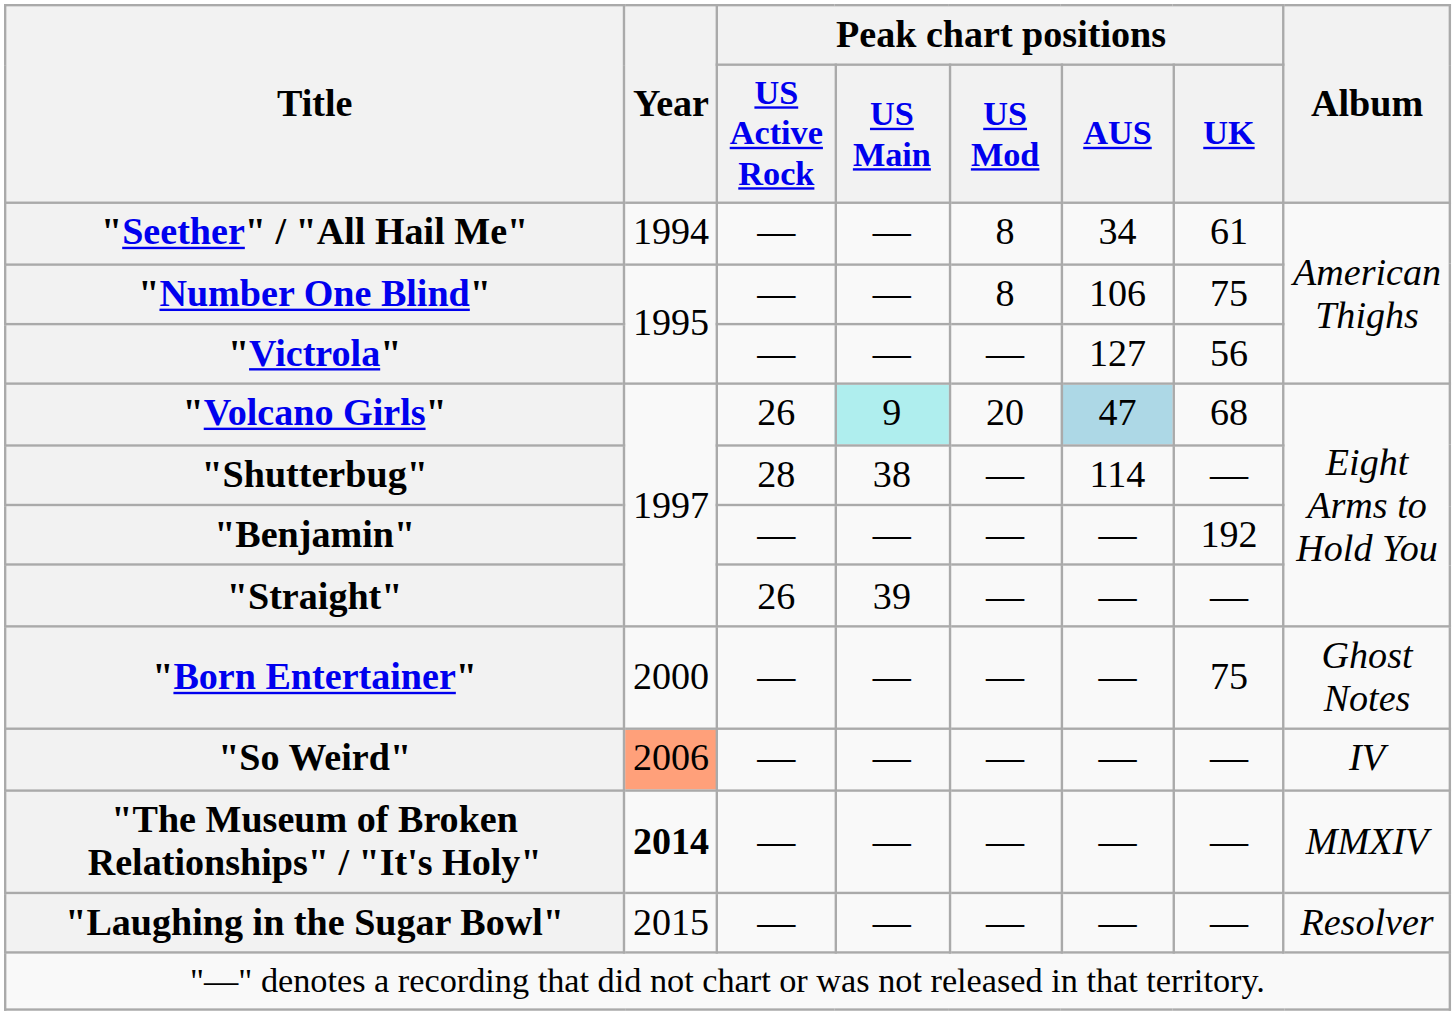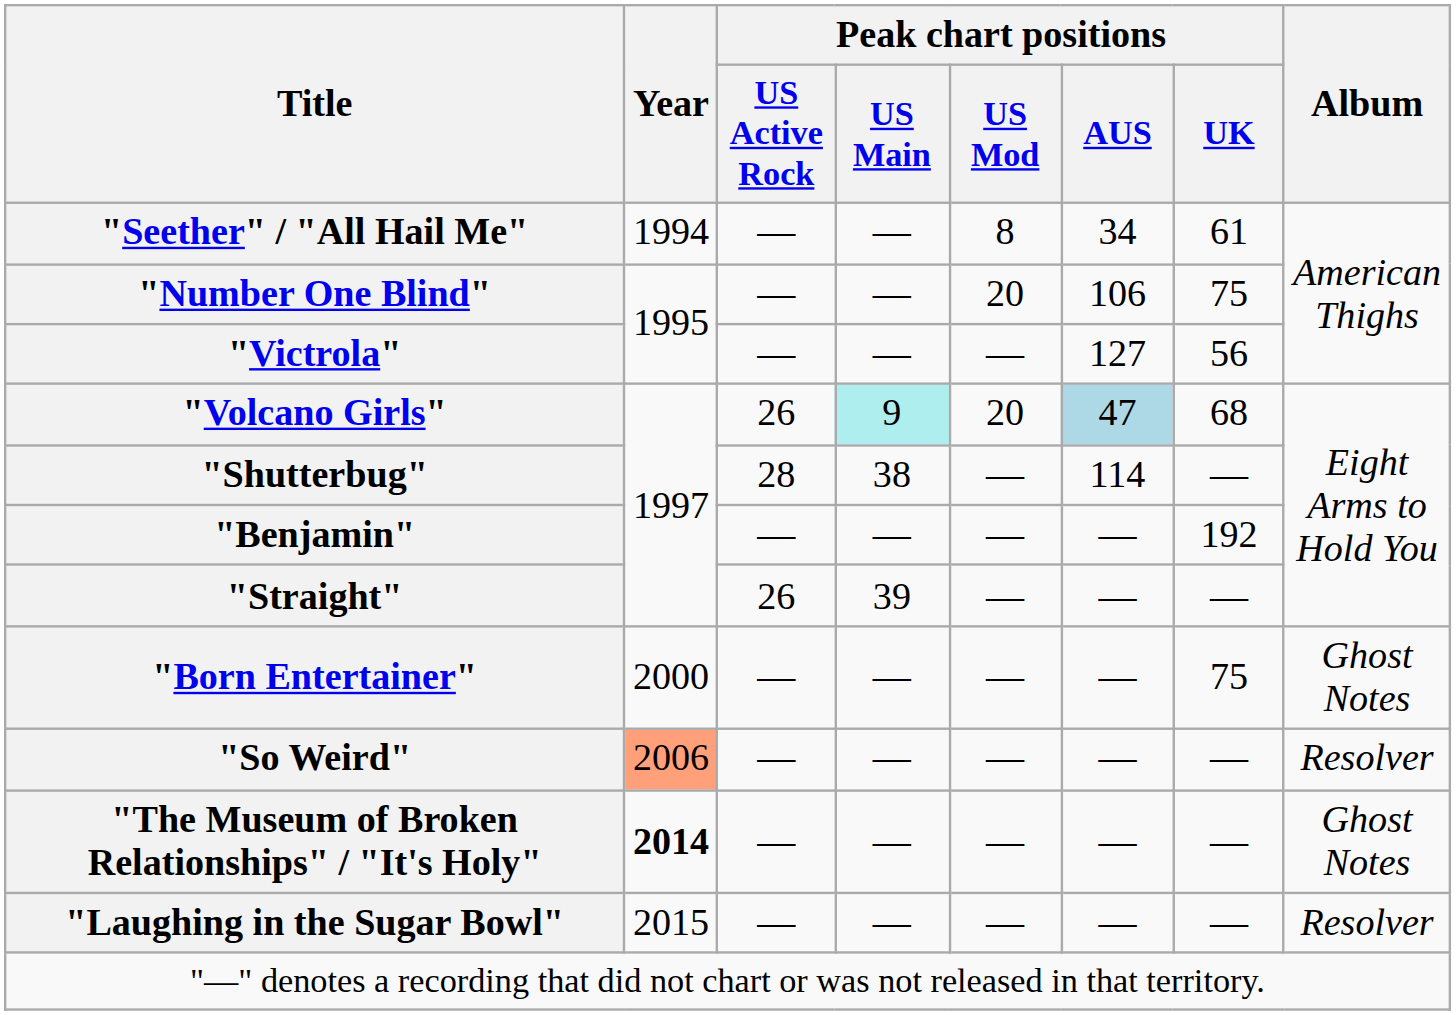 <table class="wikitable plainrowheaders" style="text-align:center;">
 <tr>
 <th scope="col" rowspan="2" style="width:18em;">Title</th>
 <th scope="col" rowspan="2">Year</th>
 <th scope="col" colspan="5">Peak chart positions</th>
 <th scope="col" rowspan="2">Album</th>
 </tr>
 <tr>
 <th scope="col" style="width:3em;font-size:90%;"><a href='#'>US Active Rock</a><br></th>
 <th scope="col" style="width:3em;font-size:90%;"><a href='#'>US Main</a><br></th>
 <th scope="col" style="width:3em;font-size:90%;"><a href='#'>US Mod</a><br></th>
 <th scope="col" style="width:3em;font-size:90%;"><a href='#'>AUS</a><br></th>
 <th scope="col" style="width:3em;font-size:90%;"><a href='#'>UK</a><br></th>
 </tr>
 <tr>
 <th scope="row">"<a href='#'>Seether</a>" / "All Hail Me"</th>
 <td>1994</td>
 <td>—</td>
 <td>—</td>
 <td>8</td>
 <td>34</td>
 <td>61</td>
 <td rowspan="3'"><em>American Thighs</em></td>
 </tr>
 <tr>
 <th scope="row">"<a href='#'>Number One Blind</a>"</th>
 <td rowspan="2">1995</td>
 <td>—</td>
 <td>—</td>
-<td>8</td>
+<td>20</td>
 <td>106</td>
 <td>75</td>
 </tr>
 <tr>
 <th scope="row">"<a href='#'>Victrola</a>"</th>
 <td>—</td>
 <td>—</td>
 <td>—</td>
 <td>127</td>
 <td>56</td>
 </tr>
 <tr>
 <th scope="row">"<a href='#'>Volcano Girls</a>"</th>
 <td rowspan="4">1997</td>
 <td>26</td>
 <td style="background: paleturquoise;">9</td>
 <td>20</td>
 <td style="background: lightblue;">47</td>
 <td>68</td>
 <td rowspan="4"><em>Eight Arms to Hold You</em></td>
 </tr>
 <tr>
 <th scope="row">"Shutterbug"</th>
 <td>28</td>
 <td>38</td>
 <td>—</td>
 <td>114</td>
 <td>—</td>
 </tr>
 <tr>
 <th scope="row">"Benjamin"</th>
 <td>—</td>
 <td>—</td>
 <td>—</td>
 <td>—</td>
 <td>192</td>
 </tr>
 <tr>
 <th scope="row">"Straight"</th>
 <td>26</td>
 <td>39</td>
 <td>—</td>
 <td>—</td>
 <td>—</td>
 </tr>
 <tr>
 <th scope="row">"<a href='#'>Born Entertainer</a>"</th>
 <td>2000</td>
 <td>—</td>
 <td>—</td>
 <td>—</td>
 <td>—</td>
 <td>75</td>
 <td><em>Ghost Notes</em></td>
 </tr>
 <tr>
 <th scope="row">"So Weird"</th>
 <td style="background: lightsalmon;">2006</td>
 <td>—</td>
 <td>—</td>
 <td>—</td>
 <td>—</td>
 <td>—</td>
-<td><em>IV</em></td>
+<td><em>Resolver</em></td>
 </tr>
 <tr>
 <th scope="row">"The Museum of Broken Relationships" / "It's Holy"</th>
 <td><strong>2014</strong></td>
 <td>—</td>
 <td>—</td>
 <td>—</td>
 <td>—</td>
 <td>—</td>
-<td><em>MMXIV</em></td>
+<td><em>Ghost Notes</em></td>
 </tr>
 <tr>
 <th scope="row">"Laughing in the Sugar Bowl"</th>
 <td>2015</td>
 <td>—</td>
 <td>—</td>
 <td>—</td>
 <td>—</td>
 <td>—</td>
 <td><em>Resolver</em></td>
 </tr>
 <tr>
 <td colspan="8" style="font-size:90%">"—" denotes a recording that did not chart or was not released in that territory.</td>
 </tr>
 </table>
